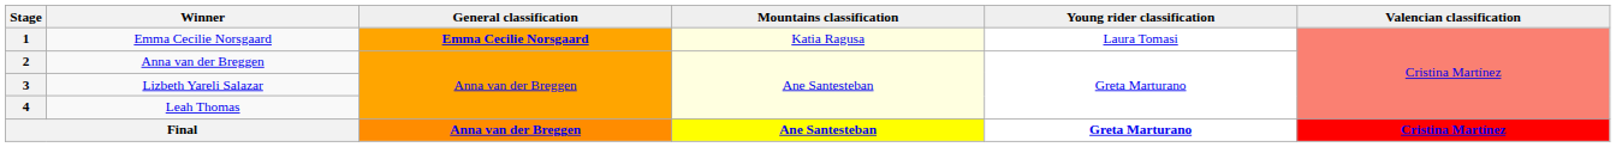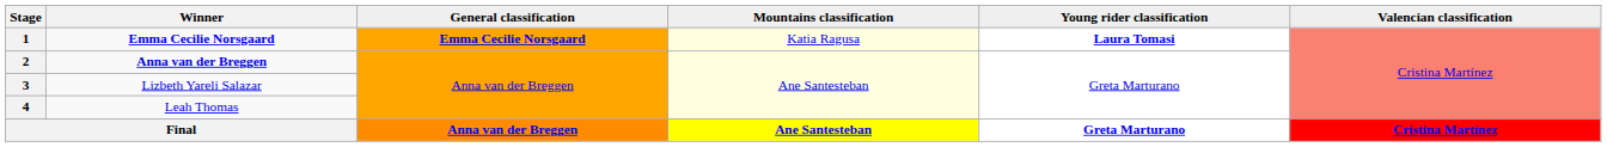 <table class="wikitable" style="text-align: center; font-size:smaller;">
 <tr style="background-color: #efefef;">
 <th style="width:1%;">Stage</th>
 <th style="width:16.5%;">Winner</th>
 <th style="background:#efefef; width:16.5%;">General classification<br></th>
 <th style="background:#efefef; width:16.5%;">Mountains classification<br></th>
 <th style="background:#efefef; width:16.5%;">Young rider classification<br></th>
 <th style="background:#efefef; width:16.5%;">Valencian classification<br></th>
 </tr>
 <tr>
 <th>1</th>
-<td><a href='#'>Emma Cecilie Norsgaard</a></td>
+<td><strong><a href='#'>Emma Cecilie Norsgaard</a></strong></td>
 <td style="background:orange;" rowspan=1><strong><a href='#'>Emma Cecilie Norsgaard</a></strong></td>
 <td style="background:lightyellow;" rowspan=1><a href='#'>Katia Ragusa</a></td>
-<td style="background:white;"><a href='#'>Laura Tomasi</a></td>
+<td style="background:white;"><strong><a href='#'>Laura Tomasi</a></strong></td>
 <td style="background:salmon;" rowspan=4><a href='#'>Cristina Martínez</a></td>
 </tr>
 <tr>
 <th>2</th>
-<td><a href='#'>Anna van der Breggen</a></td>
+<td><strong><a href='#'>Anna van der Breggen</a></strong></td>
 <td style="background:orange;" rowspan=3><a href='#'>Anna van der Breggen</a></td>
 <td style="background:lightyellow;" rowspan=3><a href='#'>Ane Santesteban</a></td>
 <td style="background:white;" rowspan=3><a href='#'>Greta Marturano</a></td>
 </tr>
 <tr>
 <th>3</th>
 <td><a href='#'>Lizbeth Yareli Salazar</a></td>
 </tr>
 <tr>
 <th>4</th>
 <td><a href='#'>Leah Thomas</a></td>
 </tr>
 <tr>
 <th colspan=2>Final</th>
 <th style="background:darkorange;"><a href='#'>Anna van der Breggen</a></th>
 <th style="background:yellow;"><a href='#'>Ane Santesteban</a></th>
 <th style="background:white;"><a href='#'>Greta Marturano</a></th>
 <th style="background:red;"><a href='#'>Cristina Martínez</a></th>
 </tr>
 </table>
